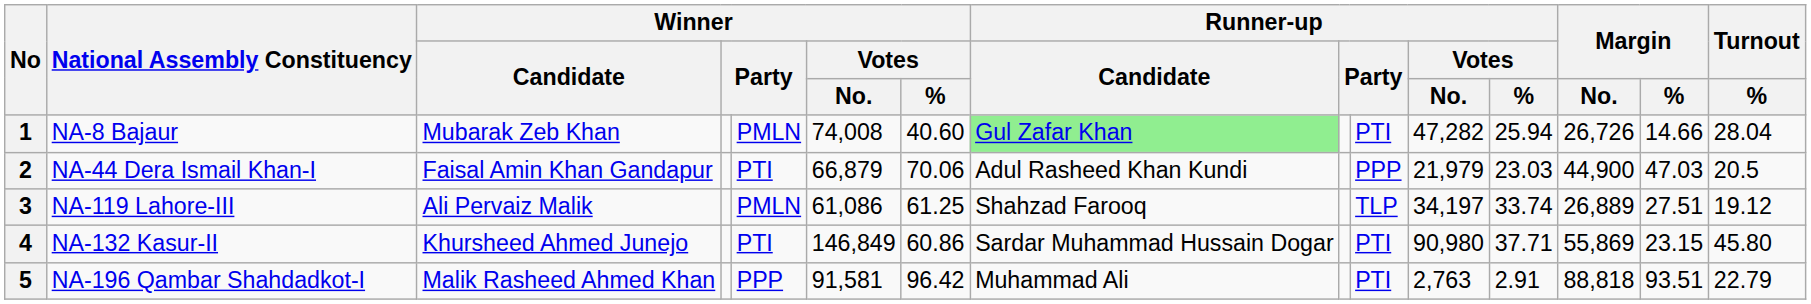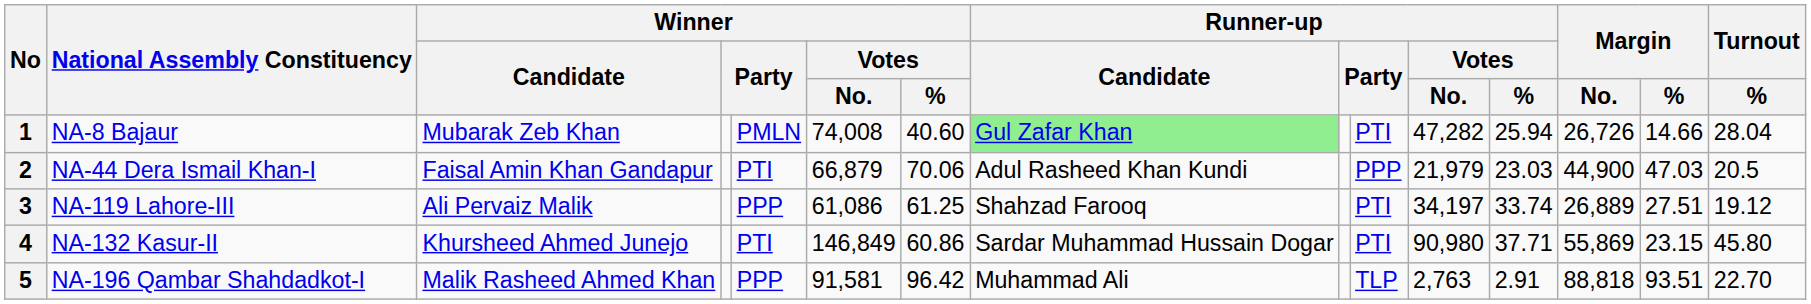 <table class="wikitable sortable">
 <tr>
 <th rowspan="3">No</th>
 <th rowspan="3"><a href='#'>National Assembly</a> Constituency</th>
 <th colspan="5">Winner</th>
 <th colspan="5">Runner-up</th>
 <th colspan="2" rowspan="2">Margin</th>
 <th rowspan="2">Turnout</th>
 </tr>
 <tr>
 <th rowspan="2">Candidate</th>
 <th colspan="2" rowspan="2">Party</th>
 <th colspan="2">Votes</th>
 <th rowspan="2">Candidate</th>
 <th colspan="2" rowspan="2">Party</th>
 <th colspan="2">Votes</th>
 </tr>
 <tr>
 <th>No.</th>
 <th>%</th>
 <th>No.</th>
 <th>%</th>
 <th>No.</th>
 <th>%</th>
 <th>%</th>
 </tr>
 <tr>
 <th>1</th>
 <td><a href='#'>NA-8 Bajaur</a></td>
 <td><a href='#'>Mubarak Zeb Khan</a></td>
 <td></td>
 <td><a href='#'>PMLN</a></td>
 <td>74,008</td>
 <td>40.60</td>
 <td style="background: lightgreen;"><a href='#'>Gul Zafar Khan</a></td>
 <td></td>
 <td><a href='#'>PTI</a></td>
 <td>47,282</td>
 <td>25.94</td>
 <td>26,726</td>
 <td>14.66</td>
 <td>28.04</td>
 </tr>
 <tr>
 <th>2</th>
 <td><a href='#'>NA-44 Dera Ismail Khan-I</a></td>
 <td><a href='#'>Faisal Amin Khan Gandapur</a></td>
 <td></td>
 <td><a href='#'>PTI</a></td>
 <td>66,879</td>
 <td>70.06</td>
 <td>Adul Rasheed Khan Kundi</td>
 <td></td>
 <td><a href='#'>PPP</a></td>
 <td>21,979</td>
 <td>23.03</td>
 <td>44,900</td>
 <td>47.03</td>
 <td>20.5</td>
 </tr>
 <tr>
 <th>3</th>
 <td><a href='#'>NA-119 Lahore-III</a></td>
 <td><a href='#'>Ali Pervaiz Malik</a></td>
 <td></td>
-<td><a href='#'>PMLN</a></td>
+<td><a href='#'>PPP</a></td>
 <td>61,086</td>
 <td>61.25</td>
 <td>Shahzad Farooq</td>
 <td></td>
-<td><a href='#'>TLP</a></td>
+<td><a href='#'>PTI</a></td>
 <td>34,197</td>
 <td>33.74</td>
 <td>26,889</td>
 <td>27.51</td>
 <td>19.12</td>
 </tr>
 <tr>
 <th>4</th>
 <td><a href='#'>NA-132 Kasur-II</a></td>
 <td><a href='#'>Khursheed Ahmed Junejo</a></td>
 <td></td>
 <td><a href='#'>PTI</a></td>
 <td>146,849</td>
 <td>60.86</td>
 <td>Sardar Muhammad Hussain Dogar</td>
 <td></td>
 <td><a href='#'>PTI</a></td>
 <td>90,980</td>
 <td>37.71</td>
 <td>55,869</td>
 <td>23.15</td>
 <td>45.80</td>
 </tr>
 <tr>
 <th>5</th>
 <td><a href='#'>NA-196 Qambar Shahdadkot-I</a></td>
 <td><a href='#'>Malik Rasheed Ahmed Khan</a></td>
 <td></td>
 <td><a href='#'>PPP</a></td>
 <td>91,581</td>
 <td>96.42</td>
 <td>Muhammad Ali</td>
 <td></td>
-<td><a href='#'>PTI</a></td>
+<td><a href='#'>TLP</a></td>
 <td>2,763</td>
 <td>2.91</td>
 <td>88,818</td>
 <td>93.51</td>
-<td>22.79</td>
+<td>22.70</td>
 </tr>
 </table>
